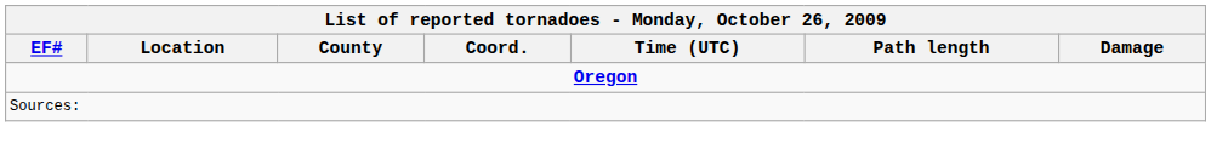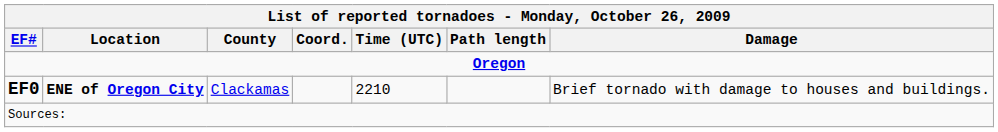 <table class="wikitable collapsible" width="100%">
 <tr>
 <th colspan="7">List of reported tornadoes - Monday, October 26, 2009</th>
 </tr>
 <tr>
 <th><a href='#'>EF#</a></th>
 <th>Location</th>
 <th>County</th>
 <th>Coord.</th>
 <th>Time (UTC)</th>
 <th>Path length</th>
 <th>Damage</th>
 </tr>
 <tr>
 <td colspan="7" align=center><strong><a href='#'>Oregon</a></strong></td>
 </tr>
 <tr>
+<td><big><strong>EF0</strong></big></td>
+<td><strong>ENE of <a href='#'>Oregon City</a></strong></td>
+<td><a href='#'>Clackamas</a></td>
+<td></td>
+<td>2210</td>
+<td></td>
+<td>Brief tornado with damage to houses and buildings.</td>
+</tr>
+<tr>
 <td colspan="7"><small>Sources: </small></td>
 </tr>
 </table>
